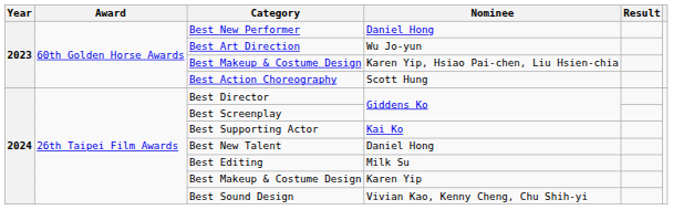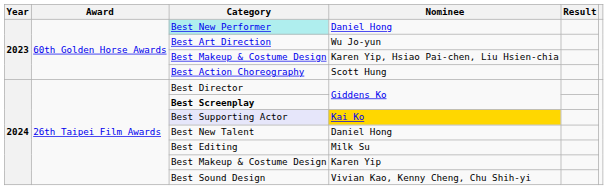 <table class="wikitable plainrowheaders">
 <tr>
 <th scope="col">Year</th>
 <th scope="col">Award</th>
 <th scope="col">Category</th>
 <th scope="col">Nominee</th>
 <th scope="col">Result</th>
 <th scope="col"></th>
 </tr>
 <tr>
 <th scope="row" rowspan="4">2023</th>
 <td rowspan="4"><a href='#'>60th Golden Horse Awards</a></td>
-<td><a href='#'>Best New Performer</a></td>
+<td style="background: paleturquoise;"><a href='#'>Best New Performer</a></td>
 <td><a href='#'>Daniel Hong</a></td>
 <td></td>
 <td rowspan="4"></td>
 </tr>
 <tr>
 <td><a href='#'>Best Art Direction</a></td>
 <td>Wu Jo-yun</td>
 <td></td>
 </tr>
 <tr>
 <td><a href='#'>Best Makeup & Costume Design</a></td>
 <td>Karen Yip, Hsiao Pai-chen, Liu Hsien-chia</td>
 <td></td>
 </tr>
 <tr>
 <td><a href='#'>Best Action Choreography</a></td>
 <td>Scott Hung</td>
 <td></td>
 </tr>
 <tr>
 <th scope="row" rowspan="7">2024</th>
 <td rowspan="7"><a href='#'>26th Taipei Film Awards</a></td>
 <td>Best Director</td>
 <td rowspan="2"><a href='#'>Giddens Ko</a></td>
 <td></td>
 <td rowspan="7"></td>
 </tr>
 <tr>
-<td>Best Screenplay</td>
+<td><strong>Best Screenplay</strong></td>
 <td></td>
 </tr>
 <tr>
-<td>Best Supporting Actor</td>
-<td><a href='#'>Kai Ko</a></td>
+<td style="background: lavender;">Best Supporting Actor</td>
+<td style="background: gold;"><a href='#'>Kai Ko</a></td>
 <td></td>
 </tr>
 <tr>
 <td>Best New Talent</td>
 <td>Daniel Hong</td>
 <td></td>
 </tr>
 <tr>
 <td>Best Editing</td>
 <td>Milk Su</td>
 <td></td>
 </tr>
 <tr>
 <td>Best Makeup & Costume Design</td>
 <td>Karen Yip</td>
 <td></td>
 </tr>
 <tr>
 <td>Best Sound Design</td>
 <td>Vivian Kao, Kenny Cheng, Chu Shih-yi</td>
 <td></td>
 </tr>
 </table>
